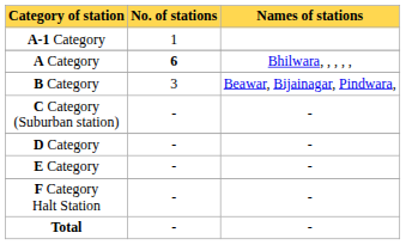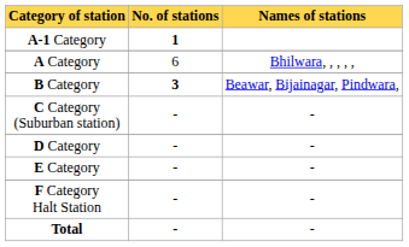 <table class="wikitable sortable" style="background:#fff;">
 <tr>
 <th style="background:#ffd750;" !>Category of station</th>
 <th style="background:#ffd750;" !>No. of stations</th>
 <th style="background:#ffd750;" !>Names of stations</th>
 </tr>
 <tr>
 <td style="text-align:center;"><strong>A-1</strong> Category</td>
-<td style="text-align:center;">1</td>
+<td style="text-align:center;"><strong>1</strong></td>
 <td style="text-align:center;"></td>
 </tr>
 <tr>
 </tr>
 <tr>
 <td style="text-align:center;"><strong>A</strong> Category</td>
-<td style="text-align:center;"><strong>6</strong></td>
+<td style="text-align:center;">6</td>
 <td style="text-align:center;"><a href='#'>Bhilwara</a>, , , , , </td>
 </tr>
 <tr>
 </tr>
 <tr>
 <td style="text-align:center;"><strong>B</strong> Category</td>
-<td style="text-align:center;">3</td>
+<td style="text-align:center;"><strong>3</strong></td>
 <td style="text-align:center;"><a href='#'>Beawar</a>, <a href='#'>Bijainagar</a>, <a href='#'>Pindwara</a>,</td>
 </tr>
 <tr>
 <td style="text-align:center;"><strong>C</strong> Category<br>(Suburban station)</td>
 <td style="text-align:center;">-</td>
 <td style="text-align:center;">-</td>
 </tr>
 <tr>
 </tr>
 <tr>
 <td style="text-align:center;"><strong>D</strong> Category</td>
 <td style="text-align:center;">-</td>
 <td style="text-align:center;">-</td>
 </tr>
 <tr>
 <td style="text-align:center;"><strong>E</strong> Category</td>
 <td style="text-align:center;">-</td>
 <td style="text-align:center;">-</td>
 </tr>
 <tr>
 </tr>
 <tr>
 <td style="text-align:center;"><strong>F</strong> Category<br>Halt Station</td>
 <td style="text-align:center;">-</td>
 <td style="text-align:center;">-</td>
 </tr>
 <tr>
 <td style="text-align:center;"><strong>Total</strong></td>
 <td style="text-align:center;"><strong>-</strong></td>
 <td style="text-align:center;">-</td>
 </tr>
 </table>
